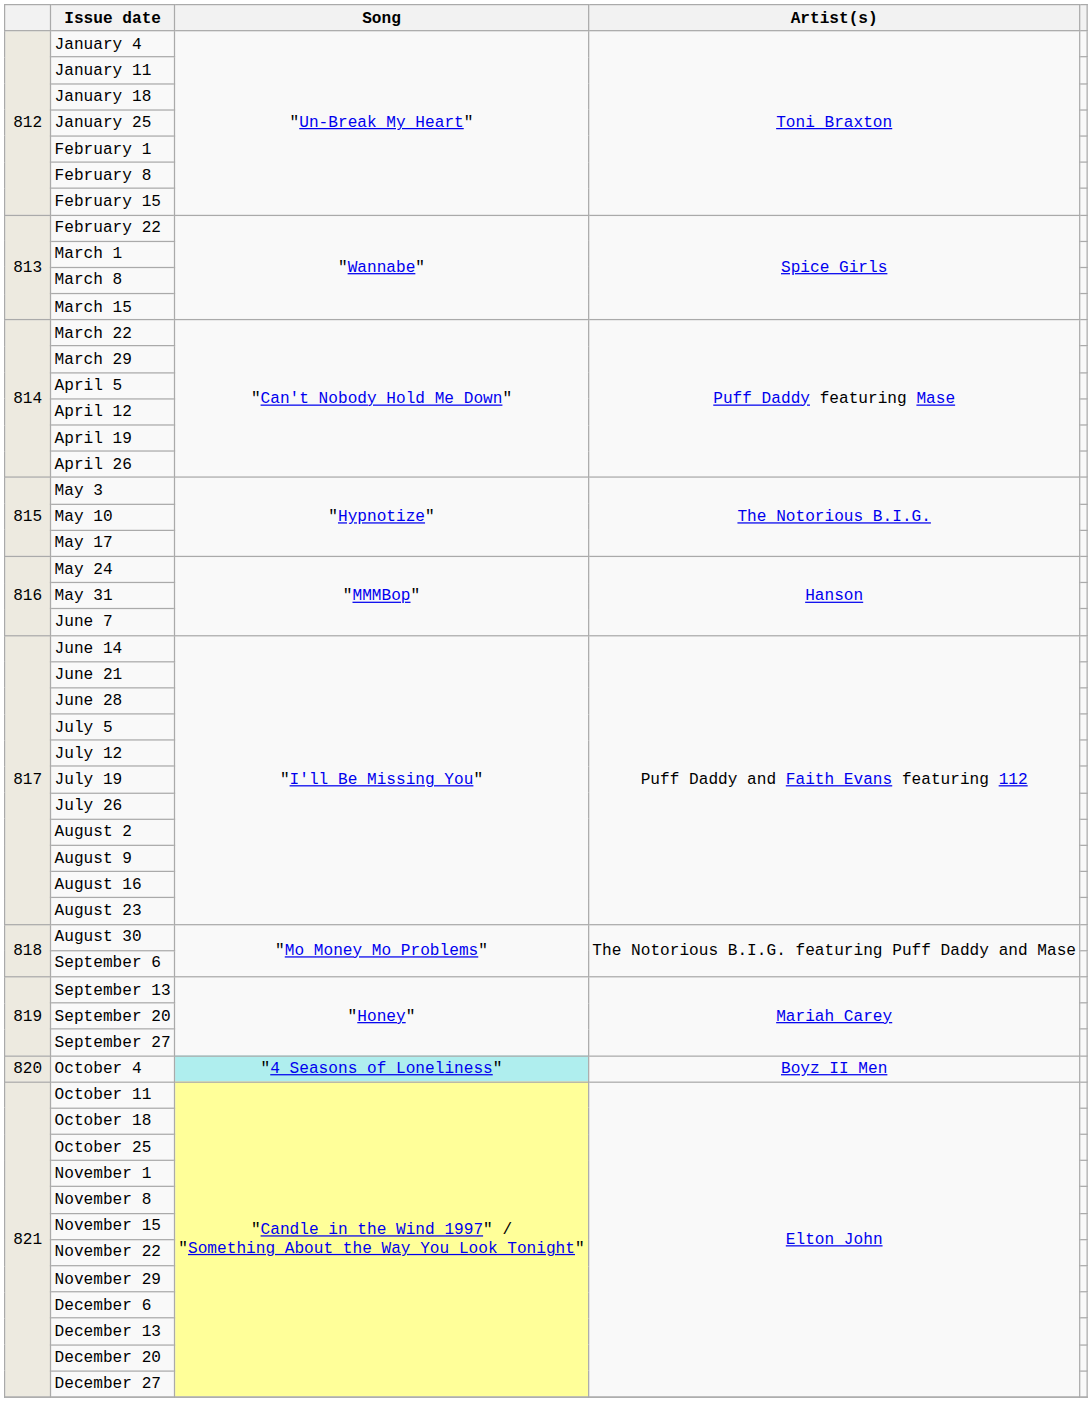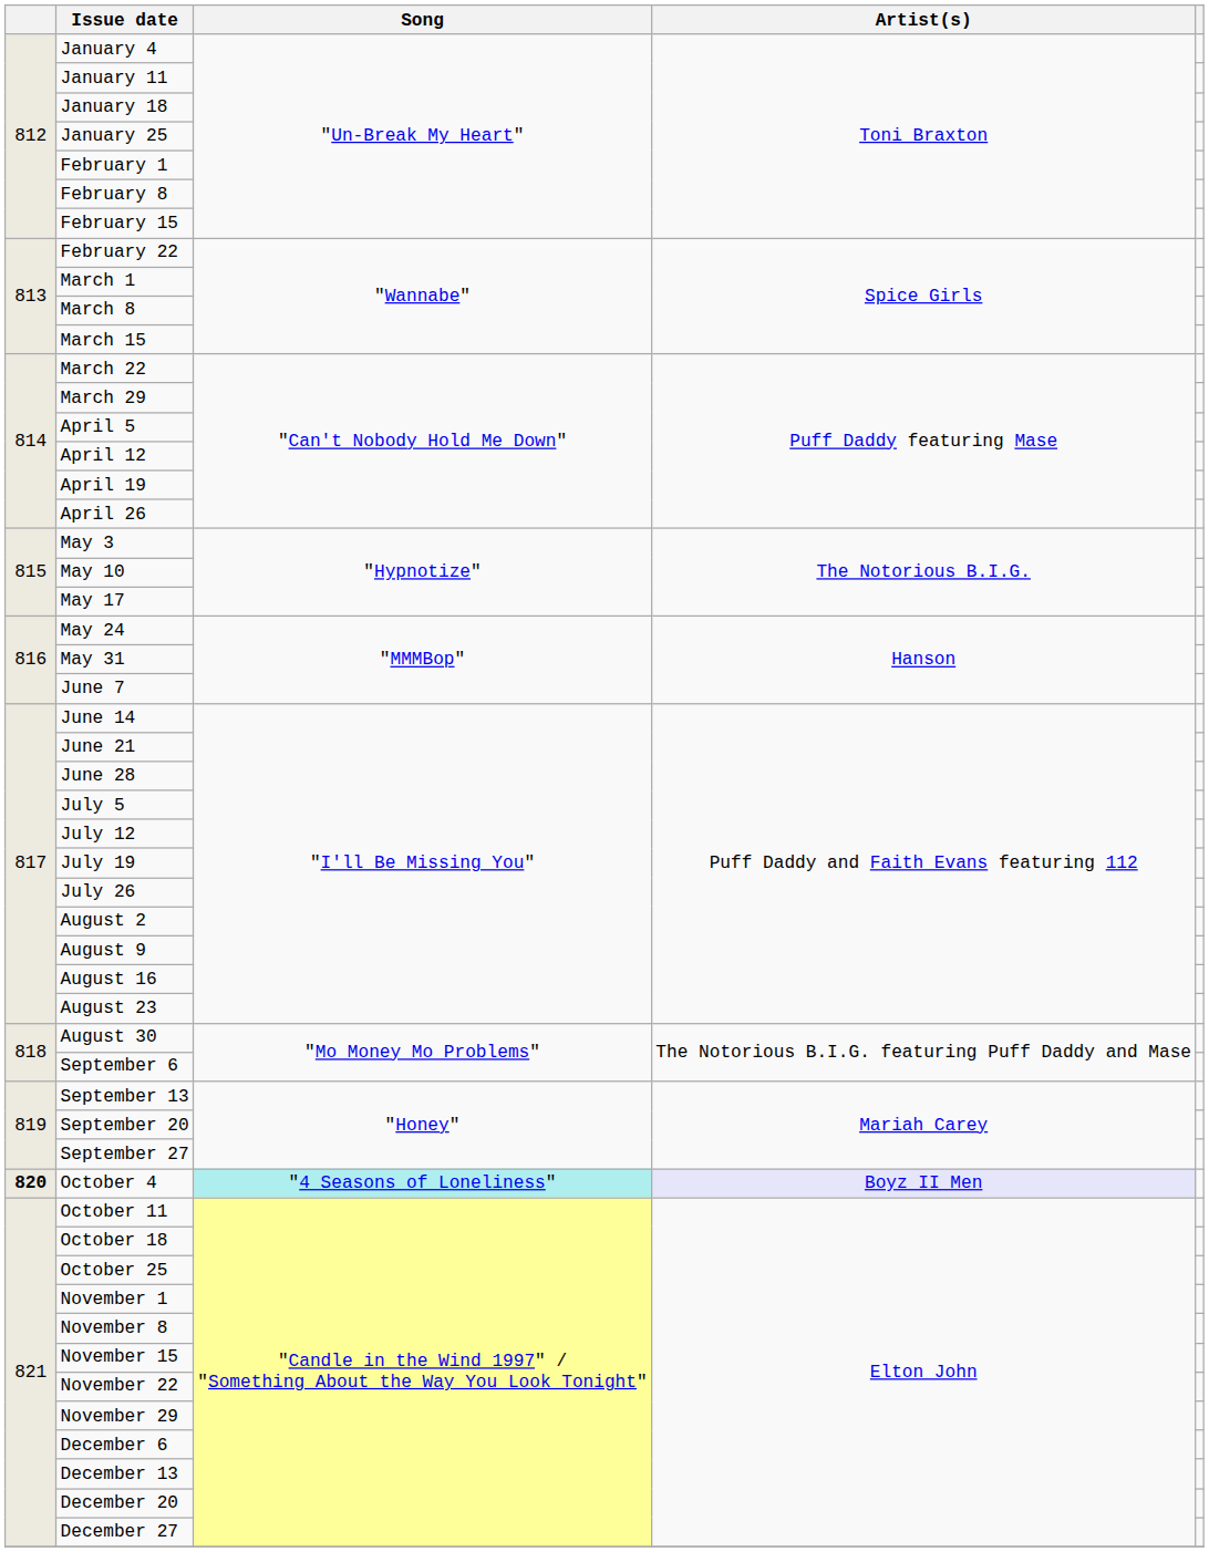 <table class="wikitable">
 <tr>
 <th width=31></th>
 <th>Issue date</th>
 <th>Song</th>
 <th>Artist(s)</th>
 <th></th>
 </tr>
 <tr>
 <td bgcolor=#EDEAE0 align=center rowspan=7>812</td>
 <td>January 4</td>
 <td align="center" rowspan="7">"<a href='#'>Un-Break My Heart</a>"</td>
 <td align="center" rowspan="7"><a href='#'>Toni Braxton</a></td>
 <td align="center"></td>
 </tr>
 <tr>
 <td>January 11</td>
 <td align="center"></td>
 </tr>
 <tr>
 <td>January 18</td>
 <td align="center"></td>
 </tr>
 <tr>
 <td>January 25</td>
 <td align="center"></td>
 </tr>
 <tr>
 <td>February 1</td>
 <td align="center"></td>
 </tr>
 <tr>
 <td>February 8</td>
 <td align="center"></td>
 </tr>
 <tr>
 <td>February 15</td>
 <td align="center"></td>
 </tr>
 <tr>
 <td bgcolor=#EDEAE0 align=center rowspan=4>813</td>
 <td>February 22</td>
 <td align="center" rowspan="4">"<a href='#'>Wannabe</a>"</td>
 <td align="center" rowspan="4"><a href='#'>Spice Girls</a></td>
 <td align="center"></td>
 </tr>
 <tr>
 <td>March 1</td>
 <td align="center"></td>
 </tr>
 <tr>
 <td>March 8</td>
 <td align="center"></td>
 </tr>
 <tr>
 <td>March 15</td>
 <td align="center"></td>
 </tr>
 <tr>
 <td bgcolor=#EDEAE0 align=center rowspan=6>814</td>
 <td>March 22</td>
 <td align="center" rowspan="6">"<a href='#'>Can't Nobody Hold Me Down</a>"</td>
 <td align="center" rowspan="6"><a href='#'>Puff Daddy</a> featuring <a href='#'>Mase</a></td>
 <td align="center"></td>
 </tr>
 <tr>
 <td>March 29</td>
 <td align="center"></td>
 </tr>
 <tr>
 <td>April 5</td>
 <td align="center"></td>
 </tr>
 <tr>
 <td>April 12</td>
 <td align="center"></td>
 </tr>
 <tr>
 <td>April 19</td>
 <td align="center"></td>
 </tr>
 <tr>
 <td>April 26</td>
 <td align="center"></td>
 </tr>
 <tr>
 <td bgcolor=#EDEAE0 align=center rowspan=3>815</td>
 <td>May 3</td>
 <td align="center" rowspan="3">"<a href='#'>Hypnotize</a>"</td>
 <td align="center" rowspan="3"><a href='#'>The Notorious B.I.G.</a></td>
 <td align="center"></td>
 </tr>
 <tr>
 <td>May 10</td>
 <td align="center"></td>
 </tr>
 <tr>
 <td>May 17</td>
 <td align="center"></td>
 </tr>
 <tr>
 <td bgcolor=#EDEAE0 align=center rowspan=3>816</td>
 <td>May 24</td>
 <td align="center" rowspan="3">"<a href='#'>MMMBop</a>"</td>
 <td align="center" rowspan="3"><a href='#'>Hanson</a></td>
 <td align="center"></td>
 </tr>
 <tr>
 <td>May 31</td>
 <td align="center"></td>
 </tr>
 <tr>
 <td>June 7</td>
 <td align="center"></td>
 </tr>
 <tr>
 <td bgcolor=#EDEAE0 align=center rowspan=11>817</td>
 <td>June 14</td>
 <td align="center" rowspan="11">"<a href='#'>I'll Be Missing You</a>"</td>
 <td align="center" rowspan="11">Puff Daddy and <a href='#'>Faith Evans</a> featuring <a href='#'>112</a></td>
 <td align="center"></td>
 </tr>
 <tr>
 <td>June 21</td>
 <td align="center"></td>
 </tr>
 <tr>
 <td>June 28</td>
 <td align="center"></td>
 </tr>
 <tr>
 <td>July 5</td>
 <td align="center"></td>
 </tr>
 <tr>
 <td>July 12</td>
 <td align="center"></td>
 </tr>
 <tr>
 <td>July 19</td>
 <td align="center"></td>
 </tr>
 <tr>
 <td>July 26</td>
 <td align="center"></td>
 </tr>
 <tr>
 <td>August 2</td>
 <td align="center"></td>
 </tr>
 <tr>
 <td>August 9</td>
 <td align="center"></td>
 </tr>
 <tr>
 <td>August 16</td>
 <td align="center"></td>
 </tr>
 <tr>
 <td>August 23</td>
 <td align="center"></td>
 </tr>
 <tr>
 <td bgcolor=#EDEAE0 align=center rowspan=2>818</td>
 <td>August 30</td>
 <td align="center" rowspan="2">"<a href='#'>Mo Money Mo Problems</a>"</td>
 <td align="center" rowspan="2">The Notorious B.I.G. featuring Puff Daddy and Mase</td>
 <td align="center"></td>
 </tr>
 <tr>
 <td>September 6</td>
 <td align="center"></td>
 </tr>
 <tr>
 <td bgcolor=#EDEAE0 align=center rowspan=3>819</td>
 <td>September 13</td>
 <td align="center" rowspan="3">"<a href='#'>Honey</a>"</td>
 <td align="center" rowspan="3"><a href='#'>Mariah Carey</a></td>
 <td align="center"></td>
 </tr>
 <tr>
 <td>September 20</td>
 <td align="center"></td>
 </tr>
 <tr>
 <td>September 27</td>
 <td align="center"></td>
 </tr>
 <tr>
-<td bgcolor=#EDEAE0 align=center>820</td>
+<td bgcolor=#EDEAE0 align=center><strong>820</strong></td>
 <td>October 4</td>
 <td align="center" style="background: paleturquoise;">"<a href='#'>4 Seasons of Loneliness</a>"</td>
-<td align="center"><a href='#'>Boyz II Men</a></td>
+<td align="center" style="background: lavender;"><a href='#'>Boyz II Men</a></td>
 <td align="center"></td>
 </tr>
 <tr>
 <td bgcolor=#EDEAE0 align=center rowspan=12>821</td>
 <td>October 11</td>
 <td bgcolor=#FFFF99 align="center" rowspan="12">"<a href='#'>Candle in the Wind 1997</a>" /<br>"<a href='#'>Something About the Way You Look Tonight</a>"</td>
 <td align="center" rowspan="12"><a href='#'>Elton John</a></td>
 <td align="center"></td>
 </tr>
 <tr>
 <td>October 18</td>
 <td align="center"></td>
 </tr>
 <tr>
 <td>October 25</td>
 <td align="center"></td>
 </tr>
 <tr>
 <td>November 1</td>
 <td align="center"></td>
 </tr>
 <tr>
 <td>November 8</td>
 <td align="center"></td>
 </tr>
 <tr>
 <td>November 15</td>
 <td align="center"></td>
 </tr>
 <tr>
 <td>November 22</td>
 <td align="center"></td>
 </tr>
 <tr>
 <td>November 29</td>
 <td align="center"></td>
 </tr>
 <tr>
 <td>December 6</td>
 <td align="center"></td>
 </tr>
 <tr>
 <td>December 13</td>
 <td align="center"></td>
 </tr>
 <tr>
 <td>December 20</td>
 <td align="center"></td>
 </tr>
 <tr>
 <td>December 27</td>
 <td align="center"></td>
 </tr>
 <tr>
 </tr>
 </table>
